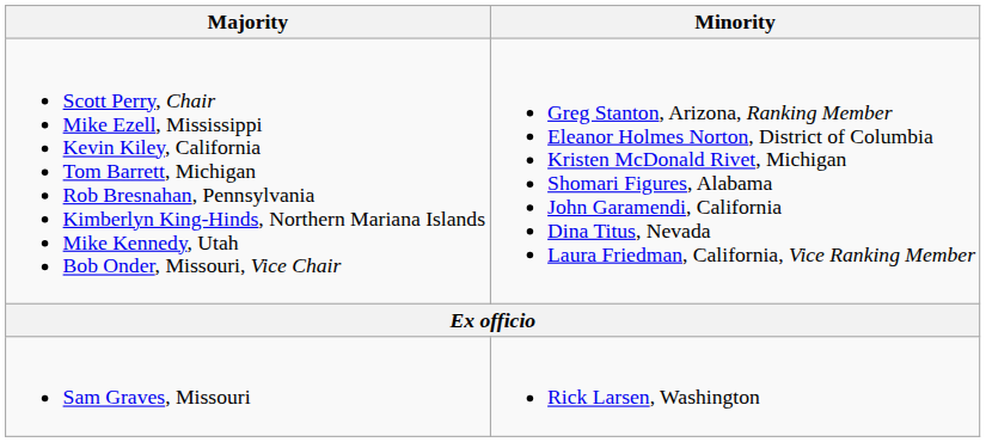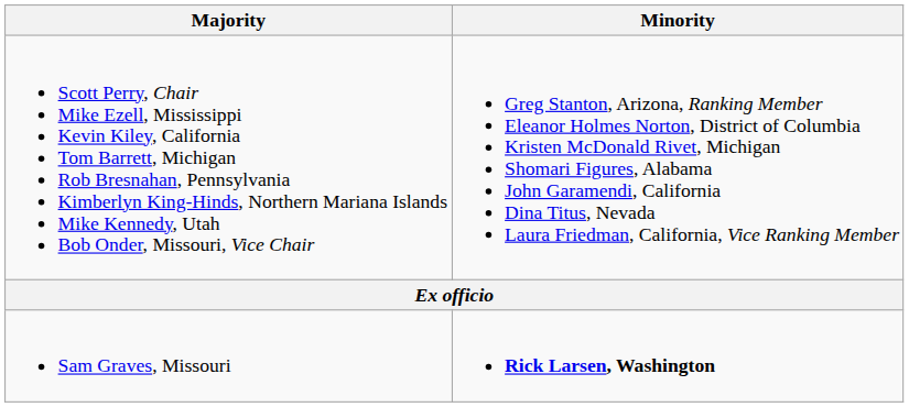 <table class=wikitable>
 <tr>
 <th>Majority</th>
 <th>Minority</th>
 </tr>
 <tr>
 <td><br><ul><li><a href='#'>Scott Perry</a>, <em>Chair</em></li><li><a href='#'>Mike Ezell</a>, Mississippi</li><li><a href='#'>Kevin Kiley</a>, California</li><li><a href='#'>Tom Barrett</a>, Michigan</li><li><a href='#'>Rob Bresnahan</a>, Pennsylvania</li><li><a href='#'>Kimberlyn King-Hinds</a>, Northern Mariana Islands</li><li><a href='#'>Mike Kennedy</a>, Utah</li><li><a href='#'>Bob Onder</a>, Missouri, <em>Vice Chair</em></li></ul></td>
 <td><br><ul><li><a href='#'>Greg Stanton</a>, Arizona, <em>Ranking Member</em></li><li><a href='#'>Eleanor Holmes Norton</a>, District of Columbia</li><li><a href='#'>Kristen McDonald Rivet</a>, Michigan</li><li><a href='#'>Shomari Figures</a>, Alabama</li><li><a href='#'>John Garamendi</a>, California</li><li><a href='#'>Dina Titus</a>, Nevada</li><li><a href='#'>Laura Friedman</a>, California, <em>Vice Ranking Member</em></li></ul></td>
 </tr>
 <tr>
 <th colspan=2><em>Ex officio</em></th>
 </tr>
 <tr>
 <td><br><ul><li><a href='#'>Sam Graves</a>, Missouri</li></ul></td>
-<td><br><ul><li><a href='#'>Rick Larsen</a>, Washington</li></ul></td>
+<td><strong><br><ul><li><a href='#'>Rick Larsen</a>, Washington</li></ul></strong></td>
 </tr>
 </table>
